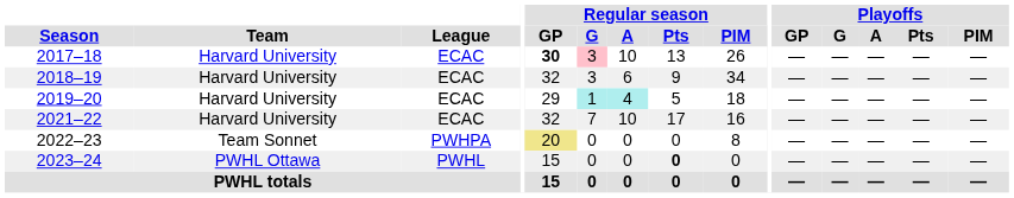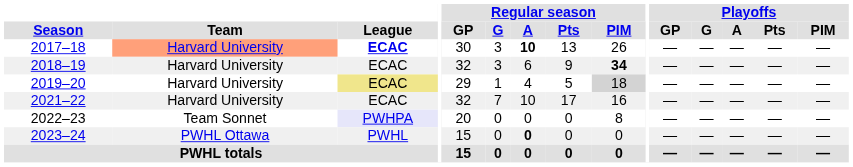 <table border="0" cellpadding="1" cellspacing="0" style="text-align:center; width:60em">
 <tr bgcolor="#e0e0e0">
 <th colspan="3" bgcolor="#ffffff"></th>
 <th rowspan="97" bgcolor="#ffffff"></th>
 <th colspan="5"><a href='#'>Regular season</a></th>
 <th rowspan="97" bgcolor="#ffffff"></th>
 <th colspan="5"><a href='#'>Playoffs</a></th>
 </tr>
 <tr bgcolor="#e0e0e0">
 <th><a href='#'>Season</a></th>
 <th>Team</th>
 <th>League</th>
 <th>GP</th>
 <th><a href='#'>G</a></th>
 <th><a href='#'>A</a></th>
 <th><a href='#'>Pts</a></th>
 <th><a href='#'>PIM</a></th>
 <th>GP</th>
 <th>G</th>
 <th>A</th>
 <th>Pts</th>
 <th>PIM</th>
 </tr>
 <tr>
 <td><a href='#'>2017–18</a></td>
-<td><a href='#'>Harvard University</a></td>
-<td><a href='#'>ECAC</a></td>
-<td><strong>30</strong></td>
-<td style="background: pink;">3</td>
-<td>10</td>
+<td style="background: lightsalmon;"><a href='#'>Harvard University</a></td>
+<td><strong><a href='#'>ECAC</a></strong></td>
+<td>30</td>
+<td>3</td>
+<td><strong>10</strong></td>
 <td>13</td>
 <td>26</td>
 <td>—</td>
 <td>—</td>
 <td>—</td>
 <td>—</td>
 <td>—</td>
 </tr>
 <tr bgcolor="#f0f0f0">
 <td><a href='#'>2018–19</a></td>
 <td>Harvard University</td>
 <td>ECAC</td>
 <td>32</td>
 <td>3</td>
 <td>6</td>
 <td>9</td>
-<td>34</td>
+<td><strong>34</strong></td>
 <td>—</td>
 <td>—</td>
 <td>—</td>
 <td>—</td>
 <td>—</td>
 </tr>
 <tr>
 <td><a href='#'>2019–20</a></td>
 <td>Harvard University</td>
-<td>ECAC</td>
+<td style="background: khaki;">ECAC</td>
 <td>29</td>
-<td style="background: paleturquoise;">1</td>
-<td style="background: paleturquoise;">4</td>
+<td>1</td>
+<td>4</td>
 <td>5</td>
-<td>18</td>
+<td style="background: lightgrey;">18</td>
 <td>—</td>
 <td>—</td>
 <td>—</td>
 <td>—</td>
 <td>—</td>
 </tr>
 <tr bgcolor="#f0f0f0">
 <td><a href='#'>2021–22</a></td>
 <td>Harvard University</td>
 <td>ECAC</td>
 <td>32</td>
 <td>7</td>
 <td>10</td>
 <td>17</td>
 <td>16</td>
 <td>—</td>
 <td>—</td>
 <td>—</td>
 <td>—</td>
 <td>—</td>
 </tr>
 <tr>
 <td>2022–23</td>
 <td>Team Sonnet</td>
-<td><a href='#'>PWHPA</a></td>
-<td style="background: khaki;">20</td>
+<td style="background: lavender;"><a href='#'>PWHPA</a></td>
+<td>20</td>
 <td>0</td>
 <td>0</td>
 <td>0</td>
 <td>8</td>
 <td>—</td>
 <td>—</td>
 <td>—</td>
 <td>—</td>
 <td>—</td>
 </tr>
 <tr bgcolor="#f0f0f0">
 <td><a href='#'>2023–24</a></td>
 <td><a href='#'>PWHL Ottawa</a></td>
 <td><a href='#'>PWHL</a></td>
 <td>15</td>
 <td>0</td>
+<td><strong>0</strong></td>
 <td>0</td>
-<td><strong>0</strong></td>
 <td>0</td>
 <td>—</td>
 <td>—</td>
 <td>—</td>
 <td>—</td>
 <td>—</td>
 </tr>
 <tr bgcolor="#e0e0e0">
 <th colspan="3">PWHL totals</th>
 <th>15</th>
 <th>0</th>
 <th>0</th>
 <th>0</th>
 <th>0</th>
 <th>—</th>
 <th>—</th>
 <th>—</th>
 <th>—</th>
 <th>—</th>
 </tr>
 </table>
